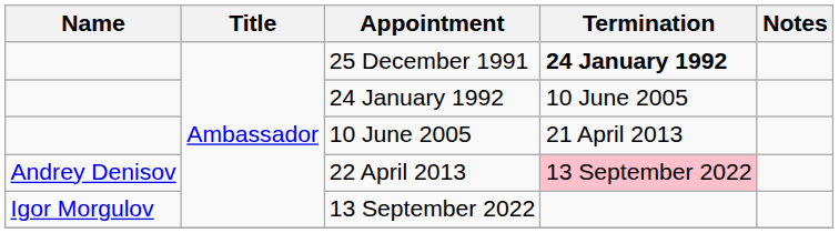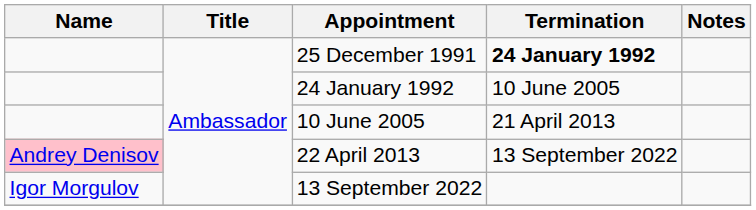 <table class="wikitable">
 <tr valign="middle">
 <th>Name</th>
 <th>Title</th>
 <th>Appointment</th>
 <th>Termination</th>
 <th>Notes</th>
 </tr>
 <tr>
 <td></td>
 <td rowspan="5"><a href='#'>Ambassador</a></td>
 <td>25 December 1991</td>
 <td><strong>24 January 1992</strong></td>
 <td></td>
 </tr>
 <tr>
 <td></td>
 <td>24 January 1992</td>
 <td>10 June 2005</td>
 <td></td>
 </tr>
 <tr>
 <td></td>
 <td>10 June 2005</td>
 <td>21 April 2013</td>
 <td></td>
 </tr>
 <tr>
-<td><a href='#'>Andrey Denisov</a></td>
+<td style="background: pink;"><a href='#'>Andrey Denisov</a></td>
 <td>22 April 2013</td>
-<td style="background: pink;">13 September 2022</td>
+<td>13 September 2022</td>
 <td></td>
 </tr>
 <tr>
 <td><a href='#'>Igor Morgulov</a></td>
 <td>13 September 2022</td>
 <td></td>
 <td></td>
 </tr>
 <tr>
 </tr>
 </table>
